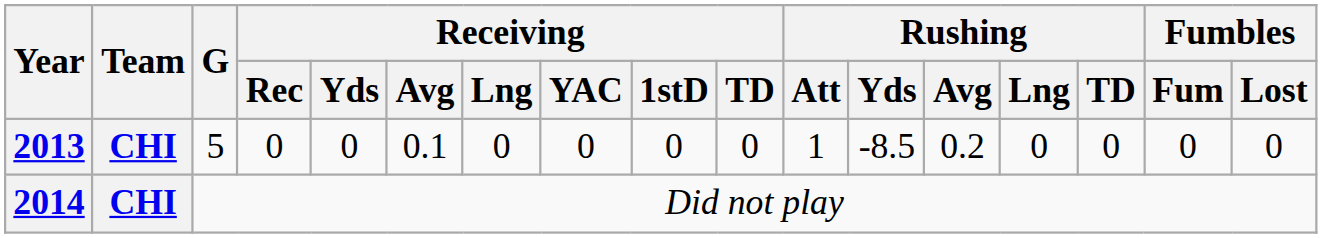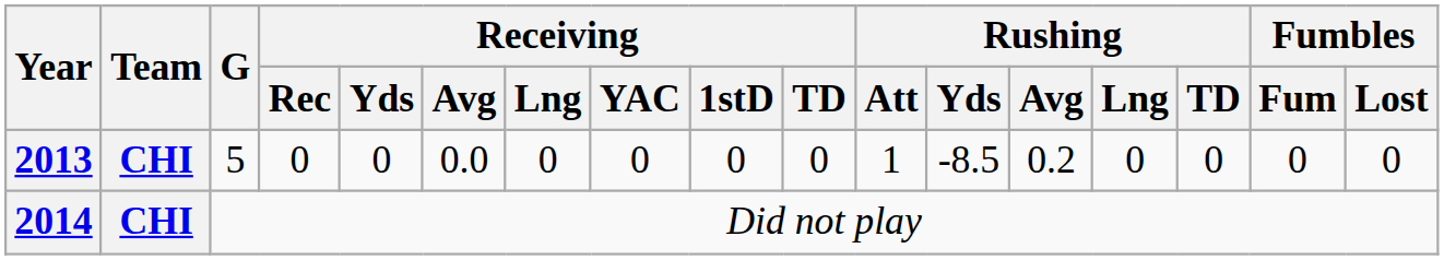 <table class="wikitable" style="text-align:center">
 <tr>
 <th rowspan="2">Year</th>
 <th rowspan="2">Team</th>
 <th rowspan="2">G</th>
 <th colspan="7">Receiving</th>
 <th colspan="5">Rushing</th>
 <th colspan="2">Fumbles</th>
 </tr>
 <tr>
 <th>Rec</th>
 <th>Yds</th>
 <th>Avg</th>
 <th>Lng</th>
 <th>YAC</th>
 <th>1stD</th>
 <th>TD</th>
 <th>Att</th>
 <th>Yds</th>
 <th>Avg</th>
 <th>Lng</th>
 <th>TD</th>
 <th>Fum</th>
 <th>Lost</th>
 </tr>
 <tr>
 <th><a href='#'>2013</a></th>
 <th><a href='#'>CHI</a></th>
 <td>5</td>
 <td>0</td>
 <td>0</td>
-<td>0.1</td>
+<td>0.0</td>
 <td>0</td>
 <td>0</td>
 <td>0</td>
 <td>0</td>
 <td>1</td>
 <td>-8.5</td>
 <td>0.2</td>
 <td>0</td>
 <td>0</td>
 <td>0</td>
 <td>0</td>
 </tr>
 <tr>
 <th><a href='#'>2014</a></th>
 <th><a href='#'>CHI</a></th>
 <td colspan="15" style="text-align:center;"><em>Did not play</em></td>
 </tr>
 </table>
